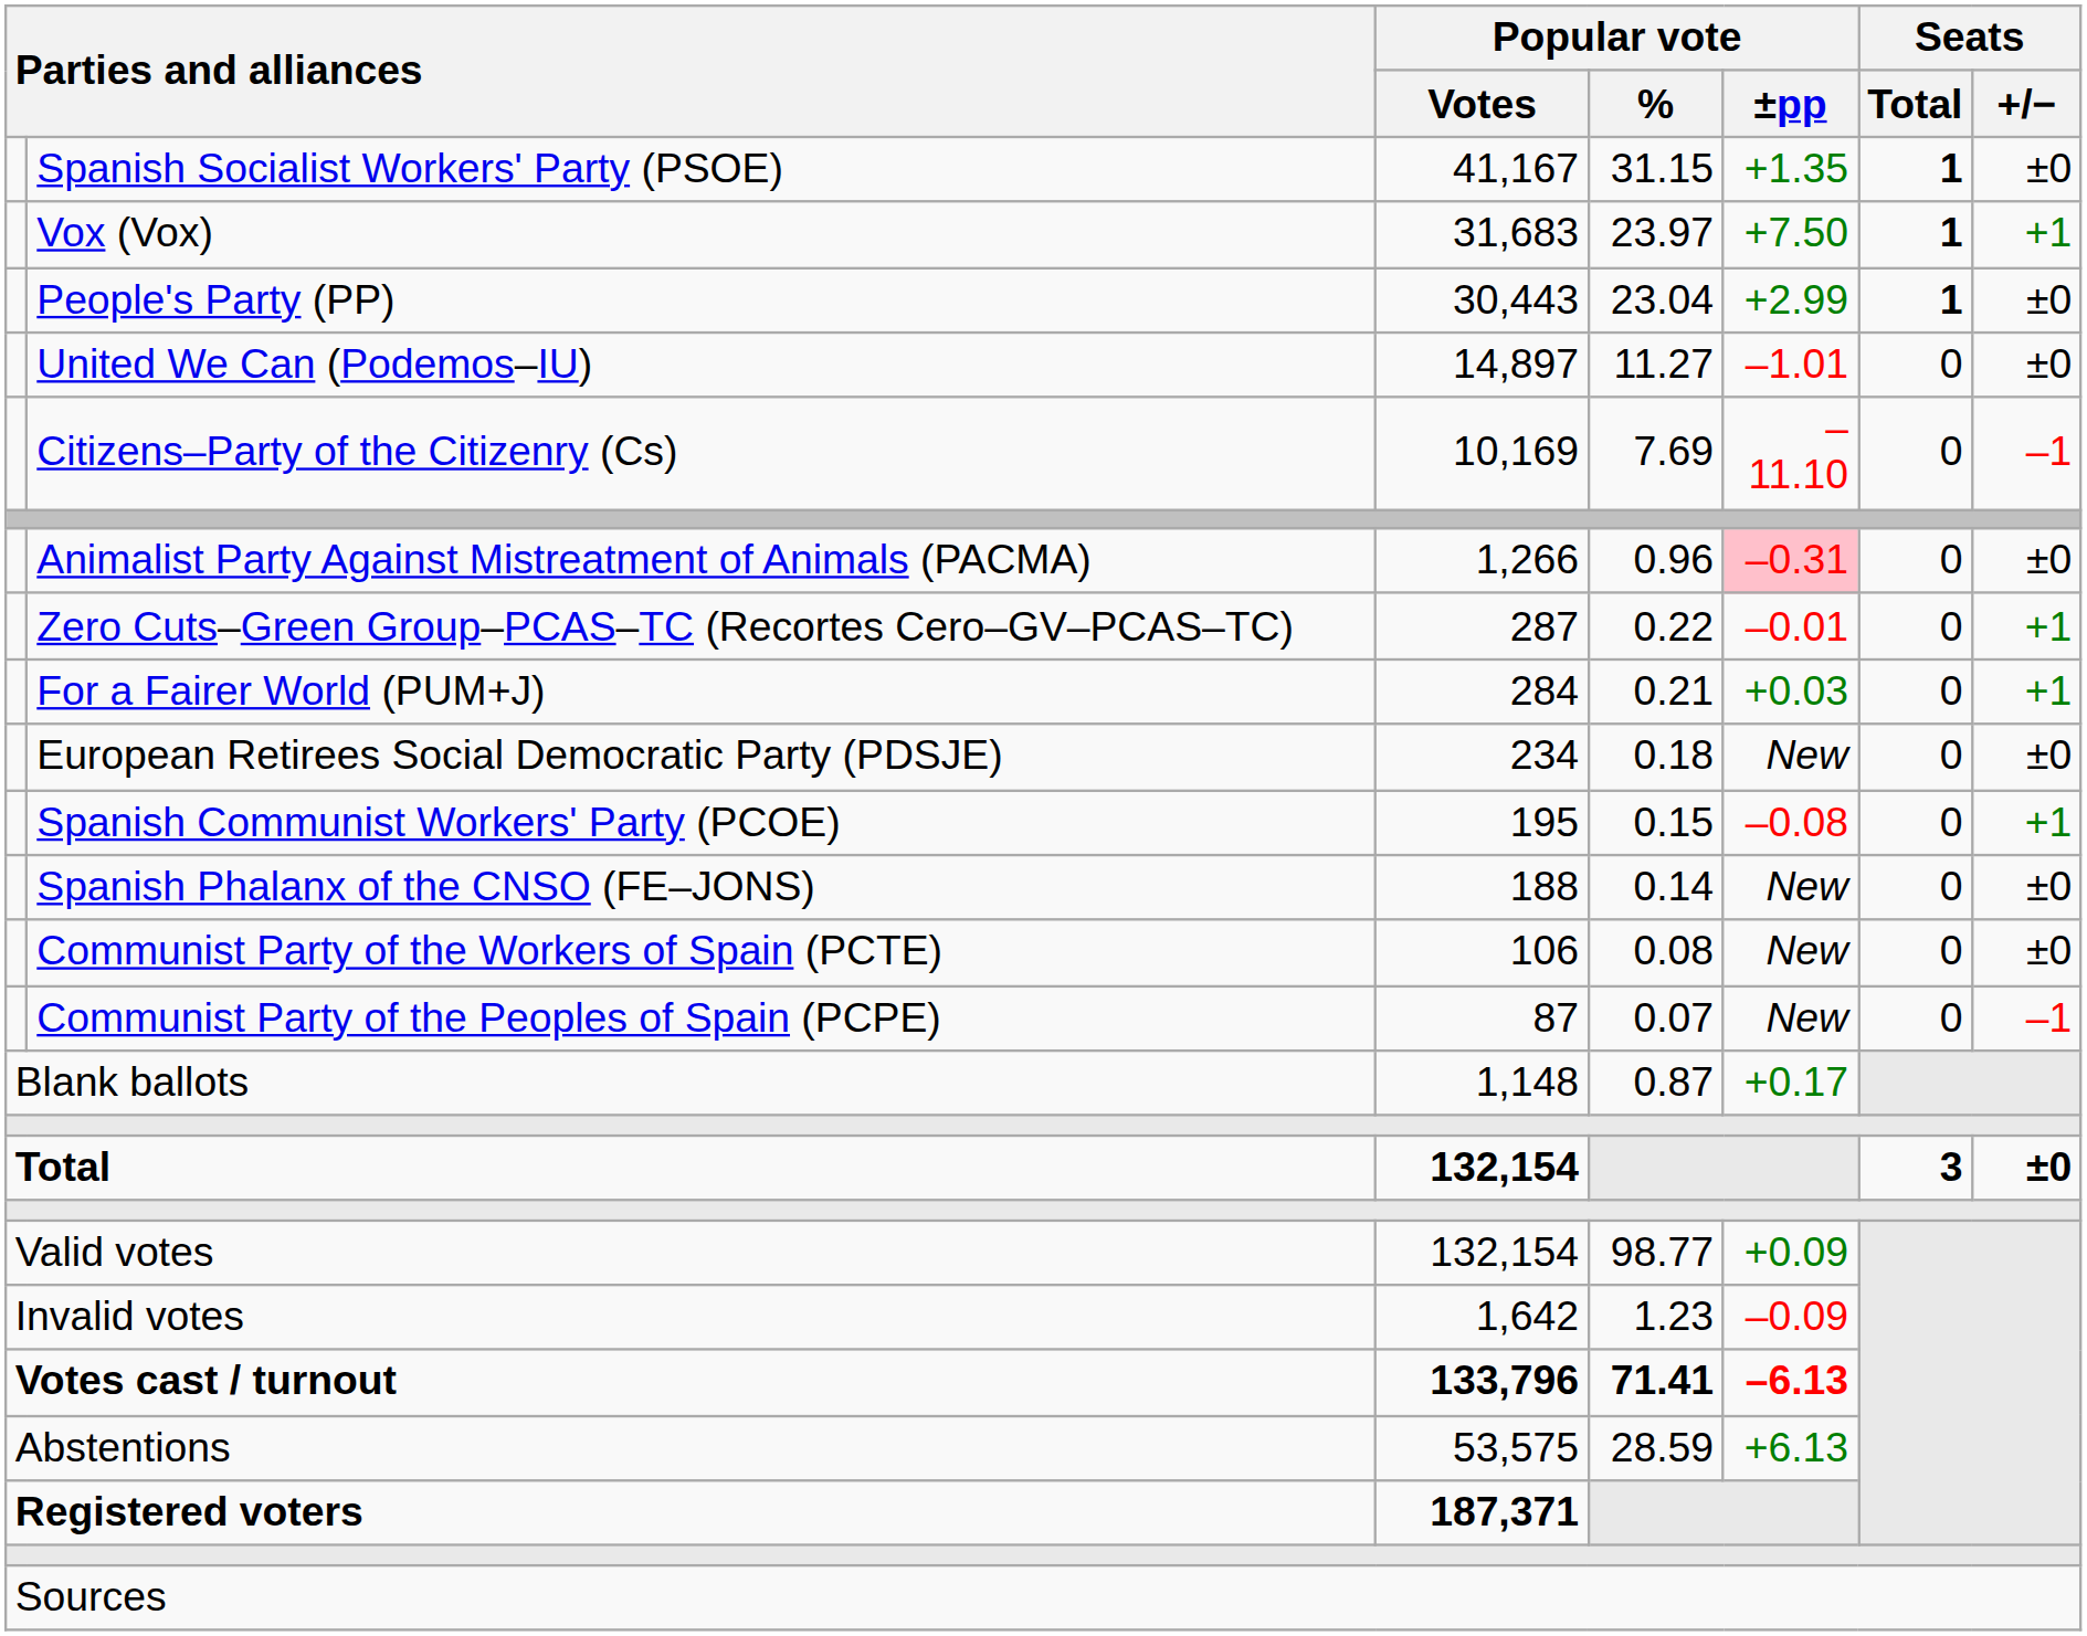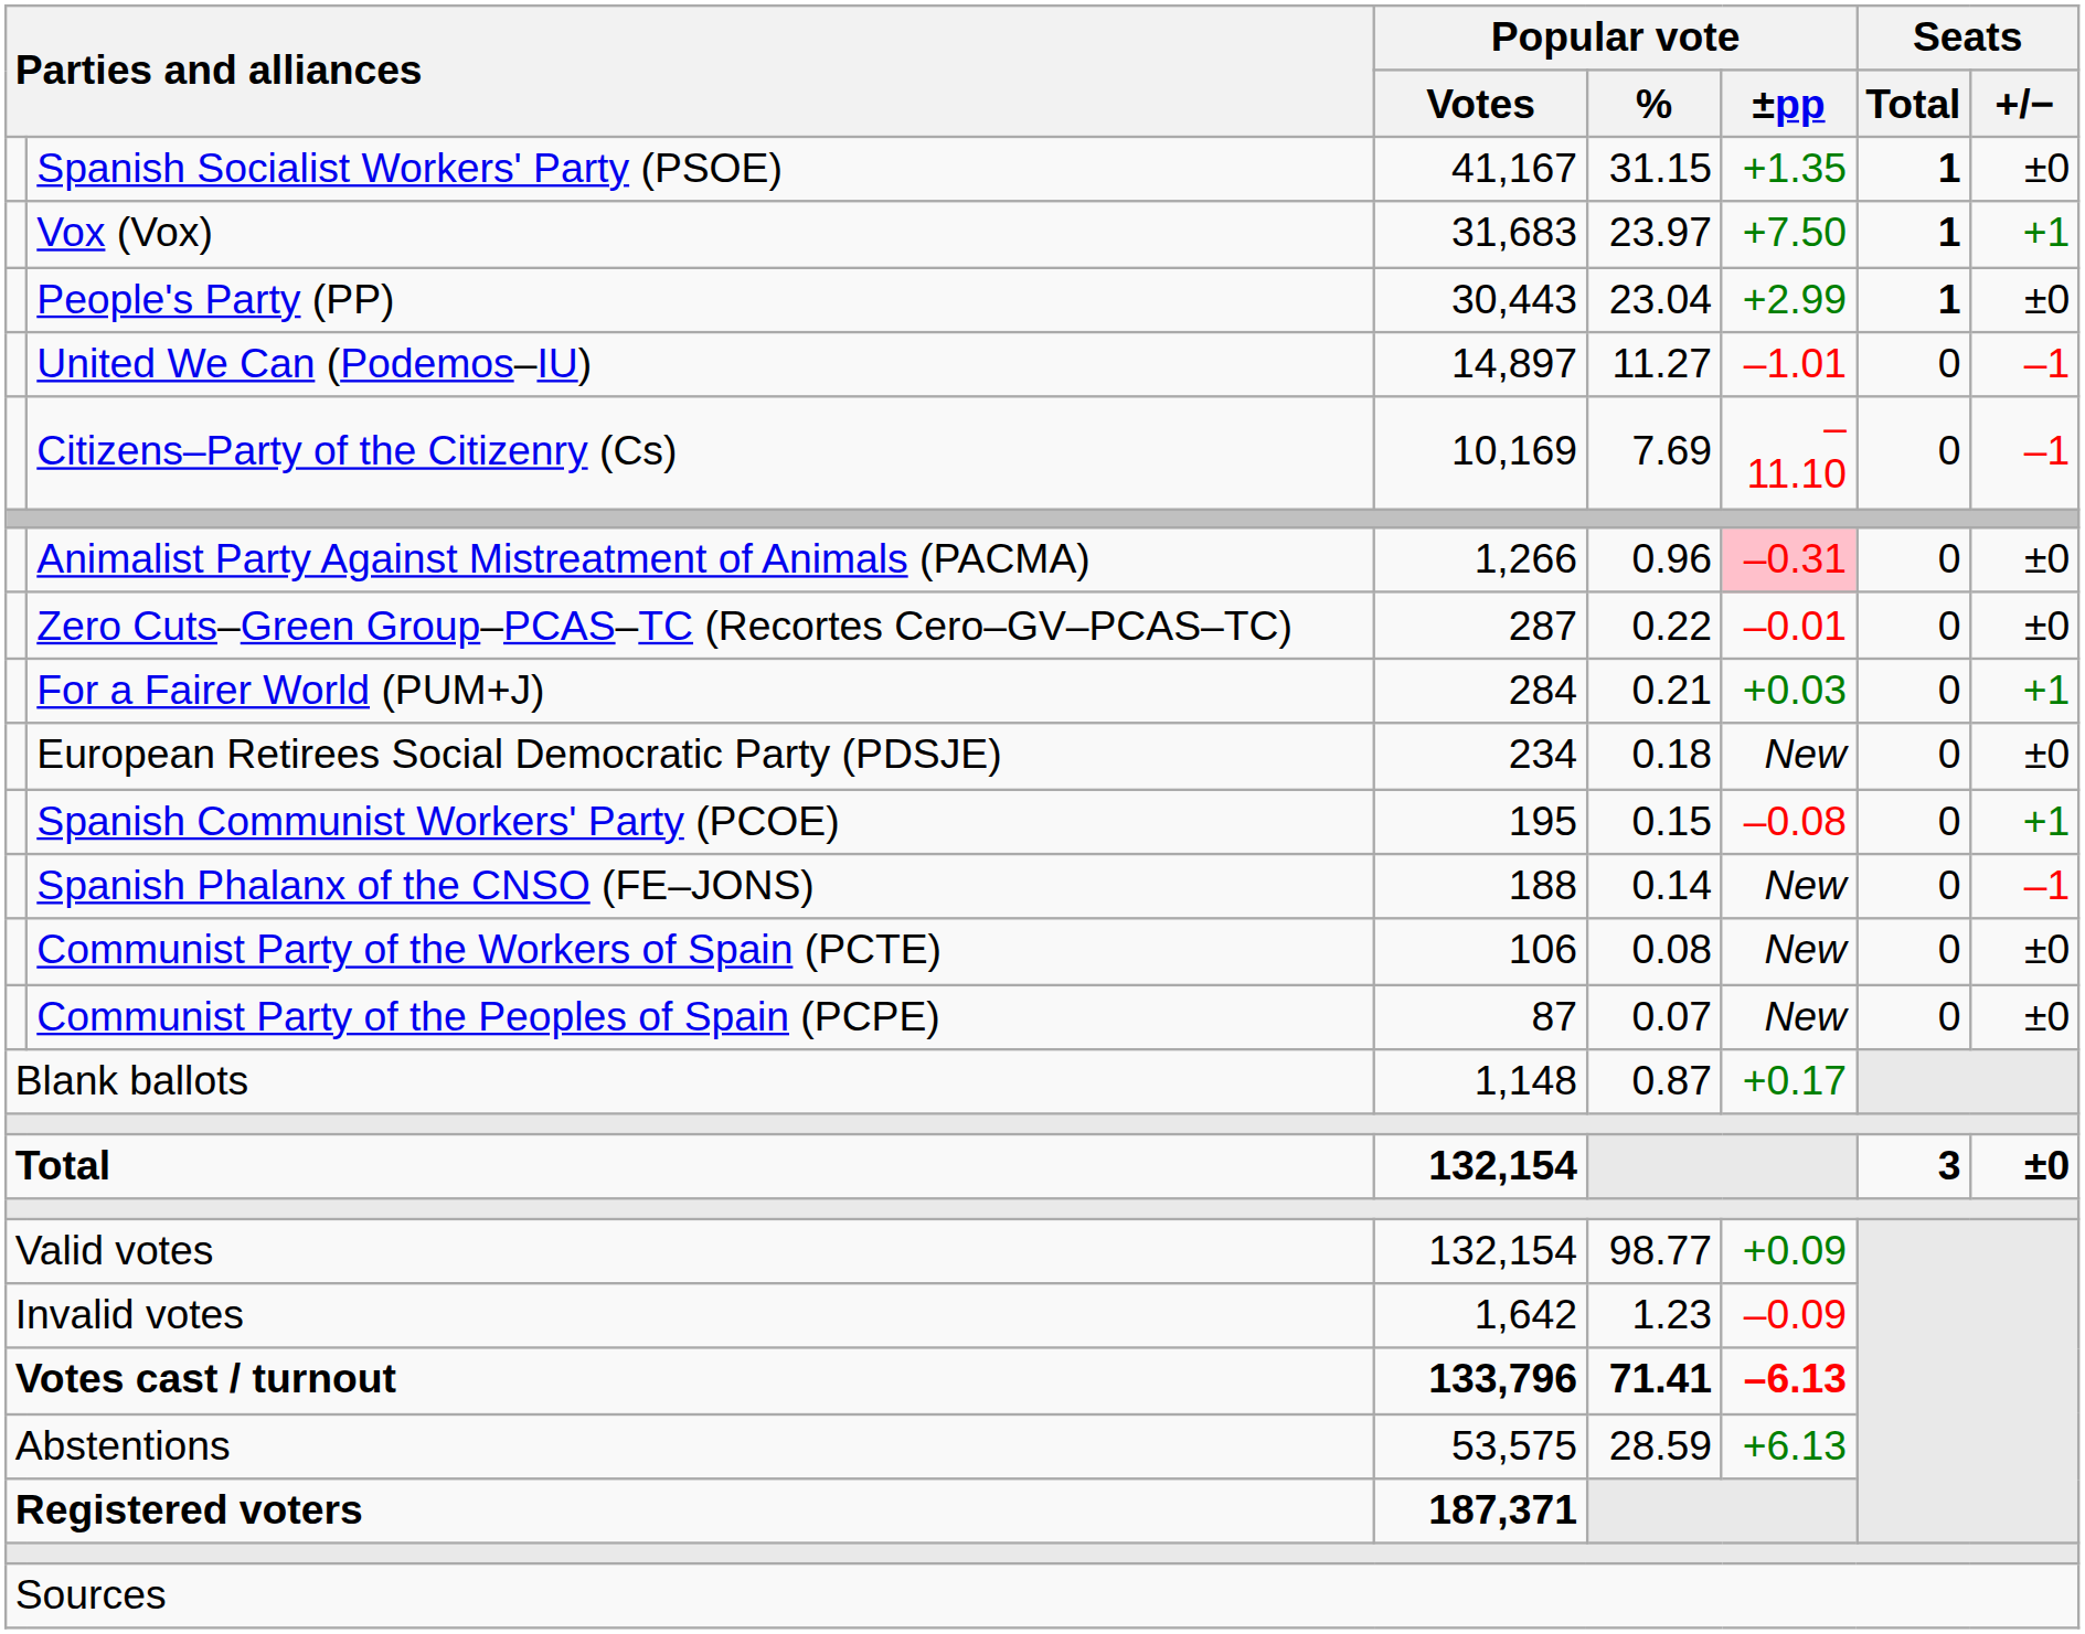 <table class="wikitable" style="text-align:right;">
 <tr>
 <th style="text-align:left;" rowspan="2" colspan="2" width="525">Parties and alliances</th>
 <th colspan="3">Popular vote</th>
 <th colspan="2">Seats</th>
 </tr>
 <tr>
 <th width="75">Votes</th>
 <th width="45">%</th>
 <th width="45">±<a href='#'>pp</a></th>
 <th width="35">Total</th>
 <th width="35">+/−</th>
 </tr>
 <tr>
 <td width="1" style="color:inherit;background:"></td>
 <td align="left"><a href='#'>Spanish Socialist Workers' Party</a> (PSOE)</td>
 <td>41,167</td>
 <td>31.15</td>
 <td style="color:green;">+1.35</td>
 <td><strong>1</strong></td>
 <td>±0</td>
 </tr>
 <tr>
 <td style="color:inherit;background:"></td>
 <td align="left"><a href='#'>Vox</a> (Vox)</td>
 <td>31,683</td>
 <td>23.97</td>
 <td style="color:green;">+7.50</td>
 <td><strong>1</strong></td>
 <td style="color:green;">+1</td>
 </tr>
 <tr>
 <td style="color:inherit;background:"></td>
 <td align="left"><a href='#'>People's Party</a> (PP)</td>
 <td>30,443</td>
 <td>23.04</td>
 <td style="color:green;">+2.99</td>
 <td><strong>1</strong></td>
 <td>±0</td>
 </tr>
 <tr>
 <td style="color:inherit;background:"></td>
 <td align="left"><a href='#'>United We Can</a> (<a href='#'>Podemos</a>–<a href='#'>IU</a>)</td>
 <td>14,897</td>
 <td>11.27</td>
 <td style="color:red;">–1.01</td>
 <td>0</td>
-<td>±0</td>
+<td style="color:red;">–1</td>
 </tr>
 <tr>
 <td style="color:inherit;background:"></td>
 <td align="left"><a href='#'>Citizens–Party of the Citizenry</a> (Cs)</td>
 <td>10,169</td>
 <td>7.69</td>
 <td style="color:red;">–11.10</td>
 <td>0</td>
 <td style="color:red;">–1</td>
 </tr>
 <tr>
 <td colspan="7" bgcolor="#C0C0C0"></td>
 </tr>
 <tr>
 <td style="color:inherit;background:"></td>
 <td align="left"><a href='#'>Animalist Party Against Mistreatment of Animals</a> (PACMA)</td>
 <td>1,266</td>
 <td>0.96</td>
 <td style="background: pink; color:red;">–0.31</td>
 <td>0</td>
 <td>±0</td>
 </tr>
 <tr>
 <td style="color:inherit;background:"></td>
 <td align="left"><a href='#'>Zero Cuts</a>–<a href='#'>Green Group</a>–<a href='#'>PCAS</a>–<a href='#'>TC</a> (Recortes Cero–GV–PCAS–TC)</td>
 <td>287</td>
 <td>0.22</td>
 <td style="color:red;">–0.01</td>
 <td>0</td>
-<td style="color:green;">+1</td>
+<td>±0</td>
 </tr>
 <tr>
 <td style="color:inherit;background:"></td>
 <td align="left"><a href='#'>For a Fairer World</a> (PUM+J)</td>
 <td>284</td>
 <td>0.21</td>
 <td style="color:green;">+0.03</td>
 <td>0</td>
 <td style="color:green;">+1</td>
 </tr>
 <tr>
 <td style="color:inherit;background:"></td>
 <td align="left">European Retirees Social Democratic Party (PDSJE)</td>
 <td>234</td>
 <td>0.18</td>
 <td><em>New</em></td>
 <td>0</td>
 <td>±0</td>
 </tr>
 <tr>
 <td style="color:inherit;background:"></td>
 <td align="left"><a href='#'>Spanish Communist Workers' Party</a> (PCOE)</td>
 <td>195</td>
 <td>0.15</td>
 <td style="color:red;">–0.08</td>
 <td>0</td>
 <td style="color:green;">+1</td>
 </tr>
 <tr>
 <td style="color:inherit;background:"></td>
 <td align="left"><a href='#'>Spanish Phalanx of the CNSO</a> (FE–JONS)</td>
 <td>188</td>
 <td>0.14</td>
 <td><em>New</em></td>
 <td>0</td>
-<td>±0</td>
+<td style="color:red;">–1</td>
 </tr>
 <tr>
 <td style="color:inherit;background:"></td>
 <td align="left"><a href='#'>Communist Party of the Workers of Spain</a> (PCTE)</td>
 <td>106</td>
 <td>0.08</td>
 <td><em>New</em></td>
 <td>0</td>
 <td>±0</td>
 </tr>
 <tr>
 <td style="color:inherit;background:"></td>
 <td align="left"><a href='#'>Communist Party of the Peoples of Spain</a> (PCPE)</td>
 <td>87</td>
 <td>0.07</td>
 <td><em>New</em></td>
 <td>0</td>
-<td style="color:red;">–1</td>
+<td>±0</td>
 </tr>
 <tr>
 <td align="left" colspan="2">Blank ballots</td>
 <td>1,148</td>
 <td>0.87</td>
 <td style="color:green;">+0.17</td>
 <td bgcolor="#E9E9E9" colspan="2"></td>
 </tr>
 <tr>
 <td colspan="7" bgcolor="#E9E9E9"></td>
 </tr>
 <tr style="font-weight:bold;">
 <td align="left" colspan="2">Total</td>
 <td>132,154</td>
 <td bgcolor="#E9E9E9" colspan="2"></td>
 <td>3</td>
 <td>±0</td>
 </tr>
 <tr>
 <td colspan="7" bgcolor="#E9E9E9"></td>
 </tr>
 <tr>
 <td align="left" colspan="2">Valid votes</td>
 <td>132,154</td>
 <td>98.77</td>
 <td style="color:green;">+0.09</td>
 <td bgcolor="#E9E9E9" colspan="2" rowspan="5"></td>
 </tr>
 <tr>
 <td align="left" colspan="2">Invalid votes</td>
 <td>1,642</td>
 <td>1.23</td>
 <td style="color:red;">–0.09</td>
 </tr>
 <tr style="font-weight:bold;">
 <td align="left" colspan="2">Votes cast / turnout</td>
 <td>133,796</td>
 <td>71.41</td>
 <td style="color:red;">–6.13</td>
 </tr>
 <tr>
 <td align="left" colspan="2">Abstentions</td>
 <td>53,575</td>
 <td>28.59</td>
 <td style="color:green;">+6.13</td>
 </tr>
 <tr style="font-weight:bold;">
 <td align="left" colspan="2">Registered voters</td>
 <td>187,371</td>
 <td bgcolor="#E9E9E9" colspan="2"></td>
 </tr>
 <tr>
 <td colspan="7" bgcolor="#E9E9E9"></td>
 </tr>
 <tr>
 <td align="left" colspan="7">Sources</td>
 </tr>
 </table>
